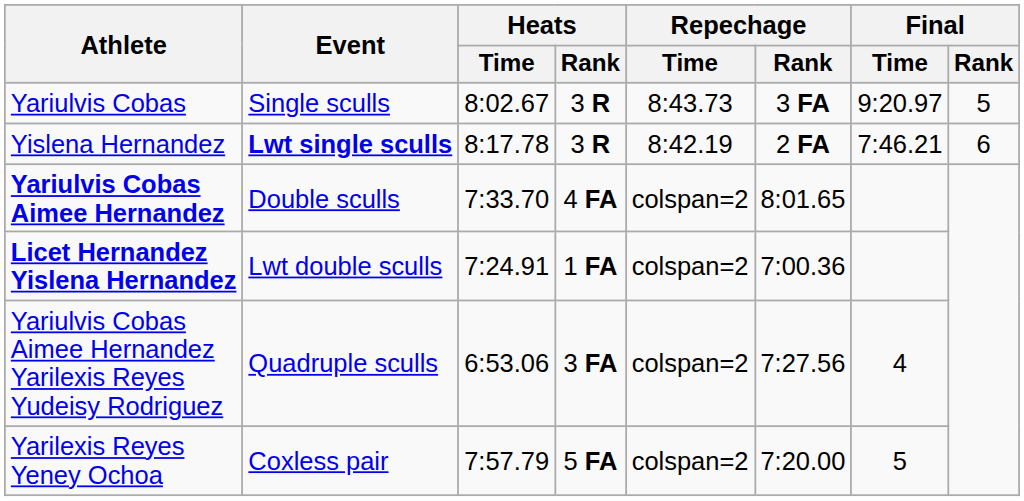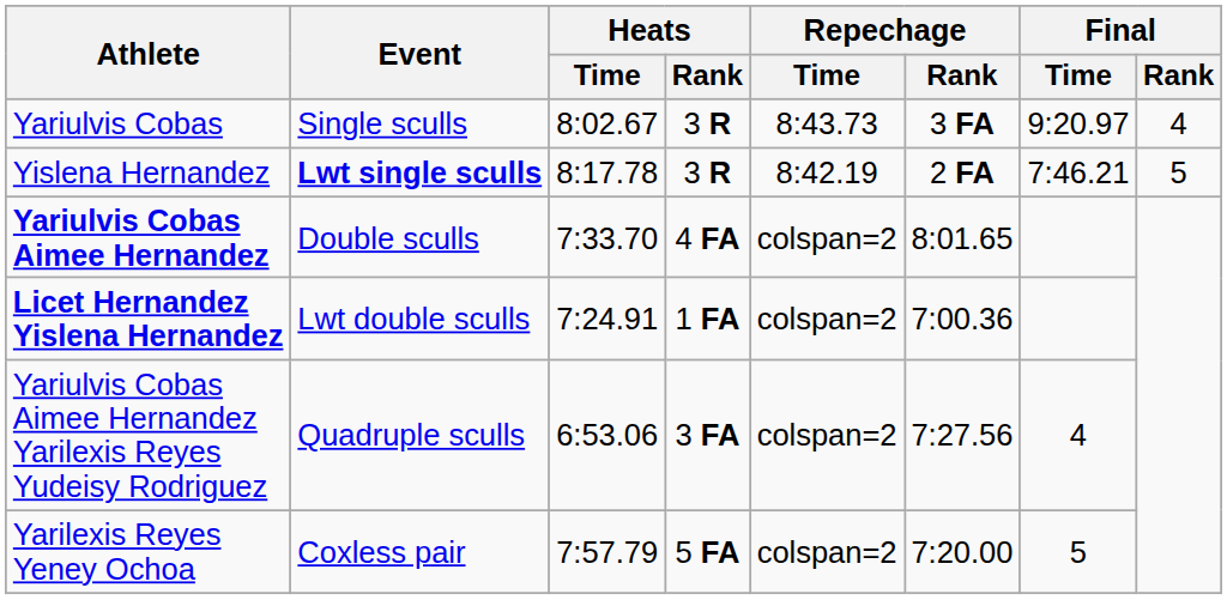 <table class="wikitable" style="font-size:90%">
 <tr>
 <th rowspan=2>Athlete</th>
 <th rowspan=2>Event</th>
 <th colspan="2">Heats</th>
 <th colspan="2">Repechage</th>
 <th colspan="2">Final</th>
 </tr>
 <tr style="font-size:95%">
 <th>Time</th>
 <th>Rank</th>
 <th>Time</th>
 <th>Rank</th>
 <th>Time</th>
 <th>Rank</th>
 </tr>
 <tr align=center>
 <td align=left><a href='#'>Yariulvis Cobas</a></td>
 <td align=left><a href='#'>Single sculls</a></td>
 <td>8:02.67</td>
 <td>3 <strong>R</strong></td>
 <td>8:43.73</td>
 <td>3 <strong>FA</strong></td>
 <td>9:20.97</td>
-<td>5</td>
+<td>4</td>
 </tr>
 <tr align=center>
 <td align=left><a href='#'>Yislena Hernandez</a></td>
 <td align=left><strong><a href='#'>Lwt single sculls</a></strong></td>
 <td>8:17.78</td>
 <td>3 <strong>R</strong></td>
 <td>8:42.19</td>
 <td>2 <strong>FA</strong></td>
 <td>7:46.21</td>
-<td>6</td>
+<td>5</td>
 </tr>
 <tr align=center>
 <td align=left><strong><a href='#'>Yariulvis Cobas</a><br><a href='#'>Aimee Hernandez</a></strong></td>
 <td align=left><a href='#'>Double sculls</a></td>
 <td>7:33.70</td>
 <td>4 <strong>FA</strong></td>
 <td>colspan=2 </td>
 <td>8:01.65</td>
 <td></td>
 </tr>
 <tr align=center>
 <td align=left><strong><a href='#'>Licet Hernandez</a><br><a href='#'>Yislena Hernandez</a></strong></td>
 <td align=left><a href='#'>Lwt double sculls</a></td>
 <td>7:24.91</td>
 <td>1 <strong>FA</strong></td>
 <td>colspan=2 </td>
 <td>7:00.36</td>
 <td></td>
 </tr>
 <tr align=center>
 <td align=left><a href='#'>Yariulvis Cobas</a><br><a href='#'>Aimee Hernandez</a><br><a href='#'>Yarilexis Reyes</a><br><a href='#'>Yudeisy Rodriguez</a></td>
 <td align=left><a href='#'>Quadruple sculls</a></td>
 <td>6:53.06</td>
 <td>3 <strong>FA</strong></td>
 <td>colspan=2 </td>
 <td>7:27.56</td>
 <td>4</td>
 </tr>
 <tr align=center>
 <td align=left><a href='#'>Yarilexis Reyes</a><br><a href='#'>Yeney Ochoa</a></td>
 <td align=left><a href='#'>Coxless pair</a></td>
 <td>7:57.79</td>
 <td>5 <strong>FA</strong></td>
 <td>colspan=2 </td>
 <td>7:20.00</td>
 <td>5</td>
 </tr>
 </table>
